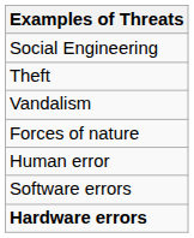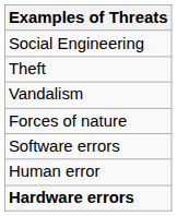 <table class="wikitable">
 <tr>
 <th>Examples of Threats</th>
 </tr>
 <tr>
 <td>Social Engineering</td>
 </tr>
 <tr>
 <td>Theft</td>
 </tr>
 <tr>
 <td>Vandalism</td>
 </tr>
 <tr>
 <td>Forces of nature</td>
 </tr>
 <tr>
-<td>Human error</td>
+<td>Software errors</td>
 </tr>
 <tr>
-<td>Software errors</td>
+<td>Human error</td>
 </tr>
 <tr>
 <td><strong>Hardware errors</strong></td>
 </tr>
 </table>
